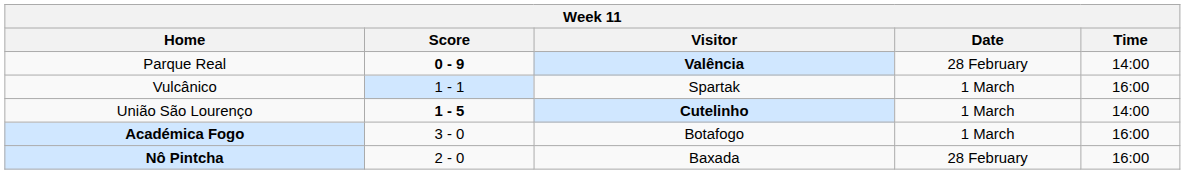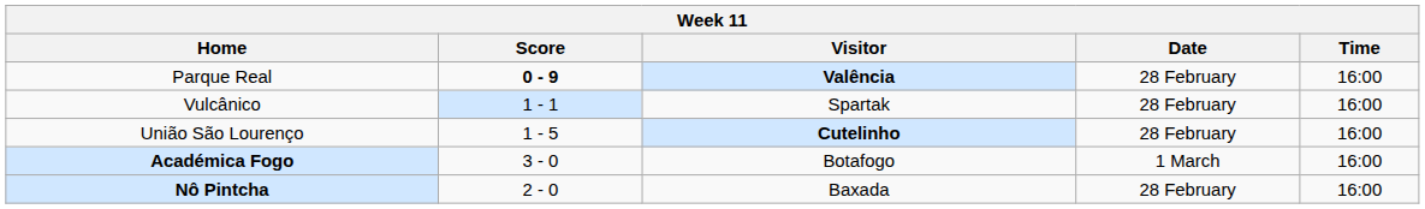 <table class="wikitable" style="margin:1em auto; font-size:95%; text-align: center; width: 95%;">
 <tr>
 <th colspan="12"  style="with:100%;">Week 11</th>
 </tr>
 <tr>
 <th style="width:200px;">Home</th>
 <th width="90">Score</th>
 <th style="width:200px;">Visitor</th>
 <th style="width:100px;">Date</th>
 <th style="width:50px;">Time</th>
 </tr>
 <tr>
 <td>Parque Real</td>
 <td><strong>0 - 9</strong></td>
 <td bgcolor=#D0E7FF><strong>Valência</strong></td>
 <td>28 February</td>
-<td>14:00</td>
+<td>16:00</td>
 </tr>
 <tr>
 <td>Vulcânico</td>
 <td bgcolor=#D0E7FF>1 - 1</td>
 <td>Spartak</td>
-<td>1 March</td>
+<td>28 February</td>
 <td>16:00</td>
 </tr>
 <tr>
 <td>União São Lourenço</td>
-<td><strong>1 - 5</strong></td>
+<td>1 - 5</td>
 <td bgcolor=#D0E7FF><strong>Cutelinho</strong></td>
-<td>1 March</td>
-<td>14:00</td>
+<td>28 February</td>
+<td>16:00</td>
 </tr>
 <tr>
 <td bgcolor=#D0E7FF><strong>Académica Fogo</strong></td>
 <td>3 - 0</td>
 <td>Botafogo</td>
 <td>1 March</td>
 <td>16:00</td>
 </tr>
 <tr>
 <td bgcolor=#D0E7FF><strong>Nô Pintcha</strong></td>
 <td>2 - 0</td>
 <td>Baxada</td>
 <td>28 February</td>
 <td>16:00</td>
 </tr>
 </table>
